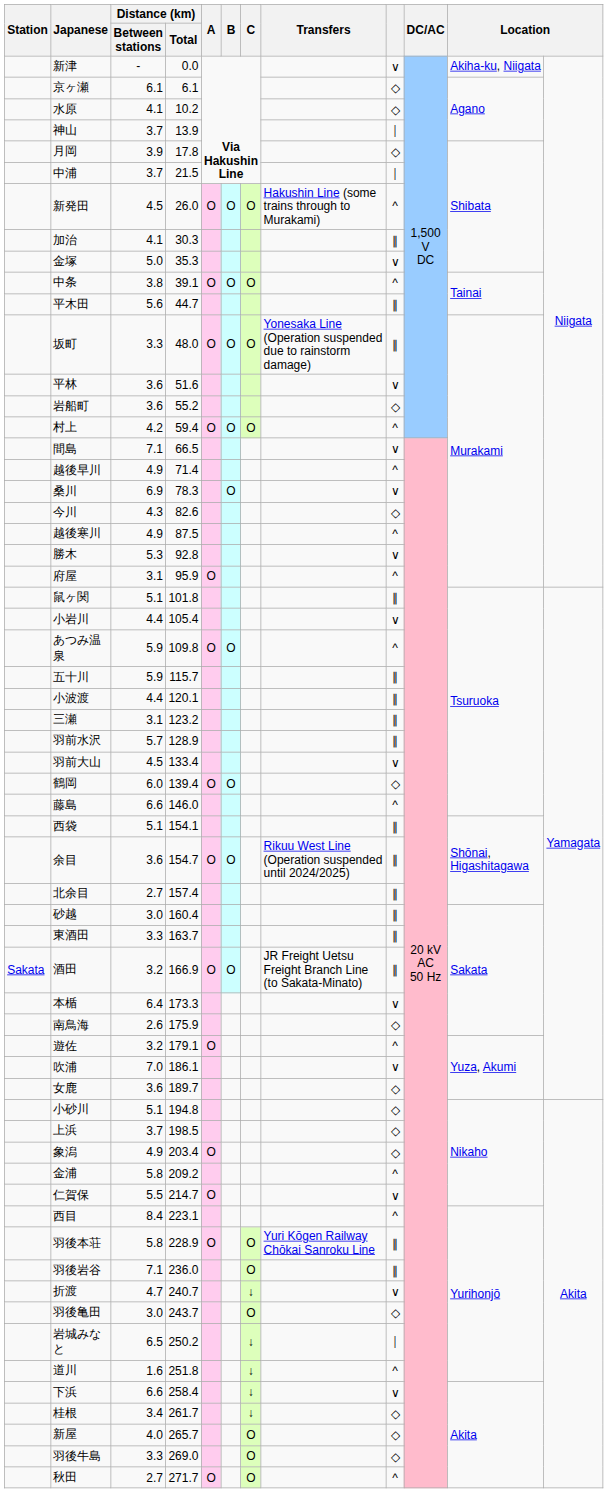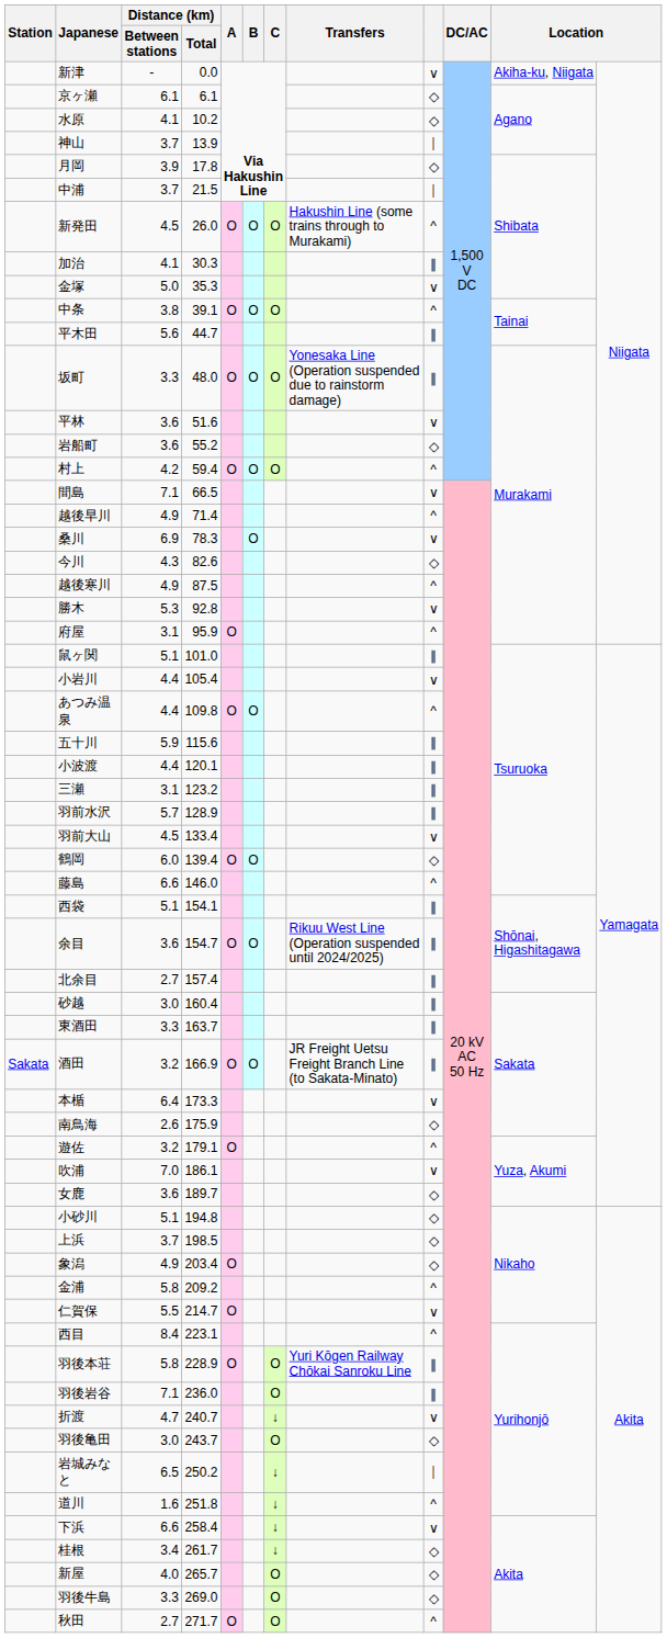 <table class="wikitable">
 <tr>
 <th rowspan="2" style="width:2em;">Station</th>
 <th rowspan="2" style="width:2em;">Japanese</th>
 <th colspan="2">Distance (km)</th>
 <th rowspan="2" style="width:1em;">A</th>
 <th rowspan="2" style="width:1em;">B</th>
 <th rowspan="2" style="width:1em;">C</th>
 <th rowspan="2" style="width:10em;">Transfers</th>
 <th rowspan="2" style="width:1em;"> </th>
 <th rowspan="2" style="width:1.5em;">DC/AC</th>
 <th rowspan="2" colspan="2">Location</th>
 </tr>
 <tr>
 <th style="width:1em;">Between<br>stations</th>
 <th style="width:1em;">Total</th>
 </tr>
 <tr>
 <td></td>
 <td>新津</td>
 <td style="text-align:center;">-</td>
 <td style="text-align:right;">0.0</td>
 <td rowspan="6" colspan="3" style="text-align:center; vertical-align:bottom;"><strong>Via<br>Hakushin Line</strong></td>
 <td></td>
 <td style="text-align:center;">∨</td>
 <td rowspan="15" style="width:1em; background:#9cf; color:#000; text-align:center;">1,500 V<br>DC</td>
 <td style="width:1em; white-space:nowrap;"><a href='#'>Akiha-ku</a>, <a href='#'>Niigata</a></td>
 <td rowspan="22" style="text-align:center; width:1em; line-height:2;"><a href='#'>Niigata</a></td>
 </tr>
 <tr>
 <td></td>
 <td>京ヶ瀬</td>
 <td style="text-align:right;">6.1</td>
 <td style="text-align:right;">6.1</td>
 <td> </td>
 <td style="text-align:center;">◇</td>
 <td rowspan="3"><a href='#'>Agano</a></td>
 </tr>
 <tr>
 <td></td>
 <td>水原</td>
 <td style="text-align:right;">4.1</td>
 <td style="text-align:right;">10.2</td>
 <td> </td>
 <td style="text-align:center;">◇</td>
 </tr>
 <tr>
 <td></td>
 <td>神山</td>
 <td style="text-align:right;">3.7</td>
 <td style="text-align:right;">13.9</td>
 <td> </td>
 <td style="text-align:center;">｜</td>
 </tr>
 <tr>
 <td></td>
 <td>月岡</td>
 <td style="text-align:right;">3.9</td>
 <td style="text-align:right;">17.8</td>
 <td> </td>
 <td style="text-align:center;">◇</td>
 <td rowspan="5"><a href='#'>Shibata</a></td>
 </tr>
 <tr>
 <td></td>
 <td>中浦</td>
 <td style="text-align:right;">3.7</td>
 <td style="text-align:right;">21.5</td>
 <td> </td>
 <td style="text-align:center;">｜</td>
 </tr>
 <tr>
 <td></td>
 <td>新発田</td>
 <td style="text-align:right;">4.5</td>
 <td style="text-align:right;">26.0</td>
 <td style="text-align:center; background:#fce;">O</td>
 <td style="text-align:center; background:#cff;">O</td>
 <td style="text-align:center; background:#dfb;">O</td>
 <td><a href='#'>Hakushin Line</a> (some trains through to Murakami)</td>
 <td style="text-align:center;">^</td>
 </tr>
 <tr>
 <td></td>
 <td>加治</td>
 <td style="text-align:right;">4.1</td>
 <td style="text-align:right;">30.3</td>
 <td style="text-align:center; background:#fce;"></td>
 <td style="text-align:center; background:#cff;"></td>
 <td style="text-align:center; background:#dfb;"></td>
 <td> </td>
 <td style="text-align:center;">∥</td>
 </tr>
 <tr>
 <td></td>
 <td>金塚</td>
 <td style="text-align:right;">5.0</td>
 <td style="text-align:right;">35.3</td>
 <td style="text-align:center; background:#fce;"></td>
 <td style="text-align:center; background:#cff;"></td>
 <td style="text-align:center; background:#dfb;"></td>
 <td> </td>
 <td style="text-align:center;">∨</td>
 </tr>
 <tr>
 <td></td>
 <td>中条</td>
 <td style="text-align:right;">3.8</td>
 <td style="text-align:right;">39.1</td>
 <td style="text-align:center; background:#fce;">O</td>
 <td style="text-align:center; background:#cff;">O</td>
 <td style="text-align:center; background:#dfb;">O</td>
 <td> </td>
 <td style="text-align:center;">^</td>
 <td rowspan="2"><a href='#'>Tainai</a></td>
 </tr>
 <tr>
 <td></td>
 <td>平木田</td>
 <td style="text-align:right;">5.6</td>
 <td style="text-align:right;">44.7</td>
 <td style="text-align:center; background:#fce;"></td>
 <td style="text-align:center; background:#cff;"></td>
 <td style="text-align:center; background:#dfb;"></td>
 <td> </td>
 <td style="text-align:center;">∥</td>
 </tr>
 <tr>
 <td></td>
 <td>坂町</td>
 <td style="text-align:right;">3.3</td>
 <td style="text-align:right;">48.0</td>
 <td style="text-align:center; background:#fce;">O</td>
 <td style="text-align:center; background:#cff;">O</td>
 <td style="text-align:center; background:#dfb;">O</td>
 <td><a href='#'>Yonesaka Line</a> (Operation suspended due to rainstorm damage)</td>
 <td style="text-align:center;">∥</td>
 <td rowspan="11"><a href='#'>Murakami</a></td>
 </tr>
 <tr>
 <td></td>
 <td>平林</td>
 <td style="text-align:right;">3.6</td>
 <td style="text-align:right;">51.6</td>
 <td style="text-align:center; background:#fce;"></td>
 <td style="text-align:center; background:#cff;"></td>
 <td style="text-align:center; background:#dfb;"></td>
 <td> </td>
 <td style="text-align:center;">∨</td>
 </tr>
 <tr>
 <td></td>
 <td>岩船町</td>
 <td style="text-align:right;">3.6</td>
 <td style="text-align:right;">55.2</td>
 <td style="text-align:center; background:#fce;"></td>
 <td style="text-align:center; background:#cff;"></td>
 <td style="text-align:center; background:#dfb;"></td>
 <td> </td>
 <td style="text-align:center;">◇</td>
 </tr>
 <tr>
 <td></td>
 <td>村上</td>
 <td style="text-align:right;">4.2</td>
 <td style="text-align:right;">59.4</td>
 <td style="text-align:center; background:#fce;">O</td>
 <td style="text-align:center; background:#cff;">O</td>
 <td style="text-align:center; background:#dfb;">O</td>
 <td> </td>
 <td style="text-align:center;">^</td>
 </tr>
 <tr>
 <td></td>
 <td>間島</td>
 <td style="text-align:right;">7.1</td>
 <td style="text-align:right;">66.5</td>
 <td style="text-align:center; background:#fce;"></td>
 <td style="text-align:center; background:#cff;"></td>
 <td> </td>
 <td> </td>
 <td style="text-align:center;">∨</td>
 <td rowspan="46" style="width:1em; background:#fbc; color:#000; text-align:center;">20 kV<br>AC<br>50 Hz</td>
 </tr>
 <tr>
 <td></td>
 <td>越後早川</td>
 <td style="text-align:right;">4.9</td>
 <td style="text-align:right;">71.4</td>
 <td style="text-align:center; background:#fce;"></td>
 <td style="text-align:center; background:#cff;"></td>
 <td> </td>
 <td> </td>
 <td style="text-align:center;">^</td>
 </tr>
 <tr>
 <td></td>
 <td>桑川</td>
 <td style="text-align:right;">6.9</td>
 <td style="text-align:right;">78.3</td>
 <td style="text-align:center; background:#fce;"></td>
 <td style="text-align:center; background:#cff;">O</td>
 <td> </td>
 <td> </td>
 <td style="text-align:center;">∨</td>
 </tr>
 <tr>
 <td></td>
 <td>今川</td>
 <td style="text-align:right;">4.3</td>
 <td style="text-align:right;">82.6</td>
 <td style="text-align:center; background:#fce;"></td>
 <td style="text-align:center; background:#cff;"></td>
 <td> </td>
 <td> </td>
 <td style="text-align:center;">◇</td>
 </tr>
 <tr>
 <td></td>
 <td>越後寒川</td>
 <td style="text-align:right;">4.9</td>
 <td style="text-align:right;">87.5</td>
 <td style="text-align:center; background:#fce;"></td>
 <td style="text-align:center; background:#cff;"></td>
 <td> </td>
 <td> </td>
 <td style="text-align:center;">^</td>
 </tr>
 <tr>
 <td></td>
 <td>勝木</td>
 <td style="text-align:right;">5.3</td>
 <td style="text-align:right;">92.8</td>
 <td style="text-align:center; background:#fce;"></td>
 <td style="text-align:center; background:#cff;"></td>
 <td> </td>
 <td> </td>
 <td style="text-align:center;">∨</td>
 </tr>
 <tr>
 <td></td>
 <td>府屋</td>
 <td style="text-align:right;">3.1</td>
 <td style="text-align:right;">95.9</td>
 <td style="text-align:center; background:#fce;">O</td>
 <td style="text-align:center; background:#cff;"></td>
 <td> </td>
 <td> </td>
 <td style="text-align:center;">^</td>
 </tr>
 <tr>
 <td></td>
 <td>鼠ヶ関</td>
 <td style="text-align:right;">5.1</td>
-<td style="text-align:right;">101.8</td>
+<td style="text-align:right;">101.0</td>
 <td style="text-align:center; background:#fce;"></td>
 <td style="text-align:center; background:#cff;"></td>
 <td> </td>
 <td> </td>
 <td style="text-align:center;">∥</td>
 <td rowspan="10"><a href='#'>Tsuruoka</a></td>
 <td rowspan="21" style="text-align:center; width:1em; line-height:3;"><a href='#'>Yamagata</a></td>
 </tr>
 <tr>
 <td></td>
 <td>小岩川</td>
 <td style="text-align:right;">4.4</td>
 <td style="text-align:right;">105.4</td>
 <td style="text-align:center; background:#fce;"></td>
 <td style="text-align:center; background:#cff;"></td>
 <td> </td>
 <td> </td>
 <td style="text-align:center;">∨</td>
 </tr>
 <tr>
 <td></td>
 <td>あつみ温泉</td>
-<td style="text-align:right;">5.9</td>
+<td style="text-align:right;">4.4</td>
 <td style="text-align:right;">109.8</td>
 <td style="text-align:center; background:#fce;">O</td>
 <td style="text-align:center; background:#cff;">O</td>
 <td> </td>
 <td> </td>
 <td style="text-align:center;">^</td>
 </tr>
 <tr>
 <td></td>
 <td>五十川</td>
 <td style="text-align:right;">5.9</td>
-<td style="text-align:right;">115.7</td>
+<td style="text-align:right;">115.6</td>
 <td style="text-align:center; background:#fce;"></td>
 <td style="text-align:center; background:#cff;"></td>
 <td> </td>
 <td> </td>
 <td style="text-align:center;">∥</td>
 </tr>
 <tr>
 <td></td>
 <td>小波渡</td>
 <td style="text-align:right;">4.4</td>
 <td style="text-align:right;">120.1</td>
 <td style="text-align:center; background:#fce;"></td>
 <td style="text-align:center; background:#cff;"></td>
 <td> </td>
 <td> </td>
 <td style="text-align:center;">∥</td>
 </tr>
 <tr>
 <td></td>
 <td>三瀬</td>
 <td style="text-align:right;">3.1</td>
 <td style="text-align:right;">123.2</td>
 <td style="text-align:center; background:#fce;"></td>
 <td style="text-align:center; background:#cff;"></td>
 <td> </td>
 <td> </td>
 <td style="text-align:center;">∥</td>
 </tr>
 <tr>
 <td></td>
 <td>羽前水沢</td>
 <td style="text-align:right;">5.7</td>
 <td style="text-align:right;">128.9</td>
 <td style="text-align:center; background:#fce;"></td>
 <td style="text-align:center; background:#cff;"></td>
 <td> </td>
 <td> </td>
 <td style="text-align:center;">∥</td>
 </tr>
 <tr>
 <td></td>
 <td>羽前大山</td>
 <td style="text-align:right;">4.5</td>
 <td style="text-align:right;">133.4</td>
 <td style="text-align:center; background:#fce;"></td>
 <td style="text-align:center; background:#cff;"></td>
 <td> </td>
 <td> </td>
 <td style="text-align:center;">∨</td>
 </tr>
 <tr>
 <td></td>
 <td>鶴岡</td>
 <td style="text-align:right;">6.0</td>
 <td style="text-align:right;">139.4</td>
 <td style="text-align:center; background:#fce;">O</td>
 <td style="text-align:center; background:#cff;">O</td>
 <td> </td>
 <td> </td>
 <td style="text-align:center;">◇</td>
 </tr>
 <tr>
 <td></td>
 <td>藤島</td>
 <td style="text-align:right;">6.6</td>
 <td style="text-align:right;">146.0</td>
 <td style="text-align:center; background:#fce;"></td>
 <td style="text-align:center; background:#cff;"></td>
 <td> </td>
 <td> </td>
 <td style="text-align:center;">^</td>
 </tr>
 <tr>
 <td></td>
 <td>西袋</td>
 <td style="text-align:right;">5.1</td>
 <td style="text-align:right;">154.1</td>
 <td style="text-align:center; background:#fce;"></td>
 <td style="text-align:center; background:#cff;"></td>
 <td> </td>
 <td> </td>
 <td style="text-align:center;">∥</td>
 <td rowspan="3"><a href='#'>Shōnai</a>, <a href='#'>Higashitagawa</a></td>
 </tr>
 <tr>
 <td></td>
 <td>余目</td>
 <td style="text-align:right;">3.6</td>
 <td style="text-align:right;">154.7</td>
 <td style="text-align:center; background:#fce;">O</td>
 <td style="text-align:center; background:#cff;">O</td>
 <td> </td>
 <td><a href='#'>Rikuu West Line</a> (Operation suspended until 2024/2025)</td>
 <td style="text-align:center;">∥</td>
 </tr>
 <tr>
 <td></td>
 <td>北余目</td>
 <td style="text-align:right;">2.7</td>
 <td style="text-align:right;">157.4</td>
 <td style="text-align:center; background:#fce;"></td>
 <td style="text-align:center; background:#cff;"></td>
 <td> </td>
 <td> </td>
 <td style="text-align:center;">∥</td>
 </tr>
 <tr>
 <td></td>
 <td>砂越</td>
 <td style="text-align:right;">3.0</td>
 <td style="text-align:right;">160.4</td>
 <td style="text-align:center; background:#fce;"></td>
 <td style="text-align:center; background:#cff;"></td>
 <td> </td>
 <td> </td>
 <td style="text-align:center;">∥</td>
 <td rowspan="5"><a href='#'>Sakata</a></td>
 </tr>
 <tr>
 <td></td>
 <td>東酒田</td>
 <td style="text-align:right;">3.3</td>
 <td style="text-align:right;">163.7</td>
 <td style="text-align:center; background:#fce;"></td>
 <td style="text-align:center; background:#cff;"></td>
 <td> </td>
 <td> </td>
 <td style="text-align:center;">∥</td>
 </tr>
 <tr>
 <td><a href='#'>Sakata</a></td>
 <td>酒田</td>
 <td style="text-align:right;">3.2</td>
 <td style="text-align:right;">166.9</td>
 <td style="text-align:center; background:#fce;">O</td>
 <td style="text-align:center; background:#cff;">O</td>
 <td> </td>
 <td>JR Freight Uetsu Freight Branch Line<br>(to Sakata-Minato)</td>
 <td style="text-align:center;">∥</td>
 </tr>
 <tr>
 <td></td>
 <td>本楯</td>
 <td style="text-align:right;">6.4</td>
 <td style="text-align:right;">173.3</td>
 <td style="text-align:center; background:#fce;"></td>
 <td> </td>
 <td> </td>
 <td> </td>
 <td style="text-align:center;">∨</td>
 </tr>
 <tr>
 <td></td>
 <td>南鳥海</td>
 <td style="text-align:right;">2.6</td>
 <td style="text-align:right;">175.9</td>
 <td style="text-align:center; background:#fce;"></td>
 <td> </td>
 <td> </td>
 <td> </td>
 <td style="text-align:center;">◇</td>
 </tr>
 <tr>
 <td></td>
 <td>遊佐</td>
 <td style="text-align:right;">3.2</td>
 <td style="text-align:right;">179.1</td>
 <td style="text-align:center; background:#fce;">O</td>
 <td> </td>
 <td> </td>
 <td> </td>
 <td style="text-align:center;">^</td>
 <td rowspan="3"><a href='#'>Yuza</a>, <a href='#'>Akumi</a></td>
 </tr>
 <tr>
 <td></td>
 <td>吹浦</td>
 <td style="text-align:right;">7.0</td>
 <td style="text-align:right;">186.1</td>
 <td style="text-align:center; background:#fce;"></td>
 <td> </td>
 <td> </td>
 <td> </td>
 <td style="text-align:center;">∨</td>
 </tr>
 <tr>
 <td></td>
 <td>女鹿</td>
 <td style="text-align:right;">3.6</td>
 <td style="text-align:right;">189.7</td>
 <td style="text-align:center; background:#fce;"></td>
 <td> </td>
 <td> </td>
 <td> </td>
 <td style="text-align:center;">◇</td>
 </tr>
 <tr>
 <td></td>
 <td>小砂川</td>
 <td style="text-align:right;">5.1</td>
 <td style="text-align:right;">194.8</td>
 <td style="text-align:center; background:#fce;"></td>
 <td> </td>
 <td> </td>
 <td> </td>
 <td style="text-align:center;">◇</td>
 <td rowspan="5"><a href='#'>Nikaho</a></td>
 <td rowspan="17" style="text-align:center; width:1em; line-height:2;"><a href='#'>Akita</a></td>
 </tr>
 <tr>
 <td></td>
 <td>上浜</td>
 <td style="text-align:right;">3.7</td>
 <td style="text-align:right;">198.5</td>
 <td style="text-align:center; background:#fce;"></td>
 <td> </td>
 <td> </td>
 <td> </td>
 <td style="text-align:center;">◇</td>
 </tr>
 <tr>
 <td></td>
 <td>象潟</td>
 <td style="text-align:right;">4.9</td>
 <td style="text-align:right;">203.4</td>
 <td style="text-align:center; background:#fce;">O</td>
 <td> </td>
 <td> </td>
 <td> </td>
 <td style="text-align:center;">◇</td>
 </tr>
 <tr>
 <td></td>
 <td>金浦</td>
 <td style="text-align:right;">5.8</td>
 <td style="text-align:right;">209.2</td>
 <td style="text-align:center; background:#fce;"></td>
 <td> </td>
 <td> </td>
 <td> </td>
 <td style="text-align:center;">^</td>
 </tr>
 <tr>
 <td></td>
 <td>仁賀保</td>
 <td style="text-align:right;">5.5</td>
 <td style="text-align:right;">214.7</td>
 <td style="text-align:center; background:#fce;">O</td>
 <td> </td>
 <td> </td>
 <td> </td>
 <td style="text-align:center;">∨</td>
 </tr>
 <tr>
 <td></td>
 <td>西目</td>
 <td style="text-align:right;">8.4</td>
 <td style="text-align:right;">223.1</td>
 <td style="text-align:center; background:#fce;"></td>
 <td> </td>
 <td> </td>
 <td> </td>
 <td style="text-align:center;">^</td>
 <td rowspan="7"><a href='#'>Yurihonjō</a></td>
 </tr>
 <tr>
 <td></td>
 <td>羽後本荘</td>
 <td style="text-align:right;">5.8</td>
 <td style="text-align:right;">228.9</td>
 <td style="text-align:center; background:#fce;">O</td>
 <td> </td>
 <td style="text-align:center; background:#dfb;">O</td>
 <td><a href='#'>Yuri Kōgen Railway Chōkai Sanroku Line</a></td>
 <td style="text-align:center;">∥</td>
 </tr>
 <tr>
 <td></td>
 <td>羽後岩谷</td>
 <td style="text-align:right;">7.1</td>
 <td style="text-align:right;">236.0</td>
 <td style="text-align:center; background:#fce;"></td>
 <td> </td>
 <td style="text-align:center; background:#dfb;">O</td>
 <td> </td>
 <td style="text-align:center;">∥</td>
 </tr>
 <tr>
 <td></td>
 <td>折渡</td>
 <td style="text-align:right;">4.7</td>
 <td style="text-align:right;">240.7</td>
 <td style="text-align:center; background:#fce;"></td>
 <td> </td>
 <td style="text-align:center; background:#dfb;">↓</td>
 <td> </td>
 <td style="text-align:center;">∨</td>
 </tr>
 <tr>
 <td></td>
 <td>羽後亀田</td>
 <td style="text-align:right;">3.0</td>
 <td style="text-align:right;">243.7</td>
 <td style="text-align:center; background:#fce;"></td>
 <td> </td>
 <td style="text-align:center; background:#dfb;">O</td>
 <td> </td>
 <td style="text-align:center;">◇</td>
 </tr>
 <tr>
 <td></td>
 <td>岩城みなと</td>
 <td style="text-align:right;">6.5</td>
 <td style="text-align:right;">250.2</td>
 <td style="text-align:center; background:#fce;"></td>
 <td> </td>
 <td style="text-align:center; background:#dfb;">↓</td>
 <td> </td>
 <td style="text-align:center;">｜</td>
 </tr>
 <tr>
 <td></td>
 <td>道川</td>
 <td style="text-align:right;">1.6</td>
 <td style="text-align:right;">251.8</td>
 <td style="text-align:center; background:#fce;"></td>
 <td> </td>
 <td style="text-align:center; background:#dfb;">↓</td>
 <td> </td>
 <td style="text-align:center;">^</td>
 </tr>
 <tr>
 <td></td>
 <td>下浜</td>
 <td style="text-align:right;">6.6</td>
 <td style="text-align:right;">258.4</td>
 <td style="text-align:center; background:#fce;"></td>
 <td> </td>
 <td style="text-align:center; background:#dfb;">↓</td>
 <td> </td>
 <td style="text-align:center;">∨</td>
 <td rowspan="5"><a href='#'>Akita</a></td>
 </tr>
 <tr>
 <td></td>
 <td>桂根</td>
 <td style="text-align:right;">3.4</td>
 <td style="text-align:right;">261.7</td>
 <td style="text-align:center; background:#fce;"></td>
 <td> </td>
 <td style="text-align:center; background:#dfb;">↓</td>
 <td> </td>
 <td style="text-align:center;">◇</td>
 </tr>
 <tr>
 <td></td>
 <td>新屋</td>
 <td style="text-align:right;">4.0</td>
 <td style="text-align:right;">265.7</td>
 <td style="text-align:center; background:#fce;"></td>
 <td> </td>
 <td style="text-align:center; background:#dfb;">O</td>
 <td> </td>
 <td style="text-align:center;">◇</td>
 </tr>
 <tr>
 <td></td>
 <td>羽後牛島</td>
 <td style="text-align:right;">3.3</td>
 <td style="text-align:right;">269.0</td>
 <td style="text-align:center; background:#fce;"></td>
 <td> </td>
 <td style="text-align:center; background:#dfb;">O</td>
 <td> </td>
 <td style="text-align:center;">◇</td>
 </tr>
 <tr>
 <td></td>
 <td>秋田</td>
 <td style="text-align:right;">2.7</td>
 <td style="text-align:right;">271.7</td>
 <td style="text-align:center; background:#fce;">O</td>
 <td> </td>
 <td style="text-align:center; background:#dfb;">O</td>
 <td></td>
 <td style="text-align:center;">^</td>
 </tr>
 </table>
